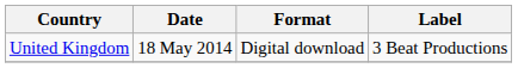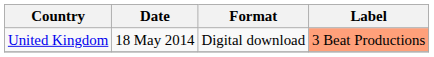 <table class="wikitable plainrowheaders">
 <tr>
 <th scope="col">Country</th>
 <th scope="col">Date</th>
 <th scope="col">Format</th>
 <th scope="col">Label</th>
 </tr>
 <tr>
 <td><a href='#'>United Kingdom</a></td>
 <td>18 May 2014</td>
 <td>Digital download</td>
-<td>3 Beat Productions</td>
+<td style="background: lightsalmon;">3 Beat Productions</td>
 </tr>
 <tr>
 </tr>
 </table>
